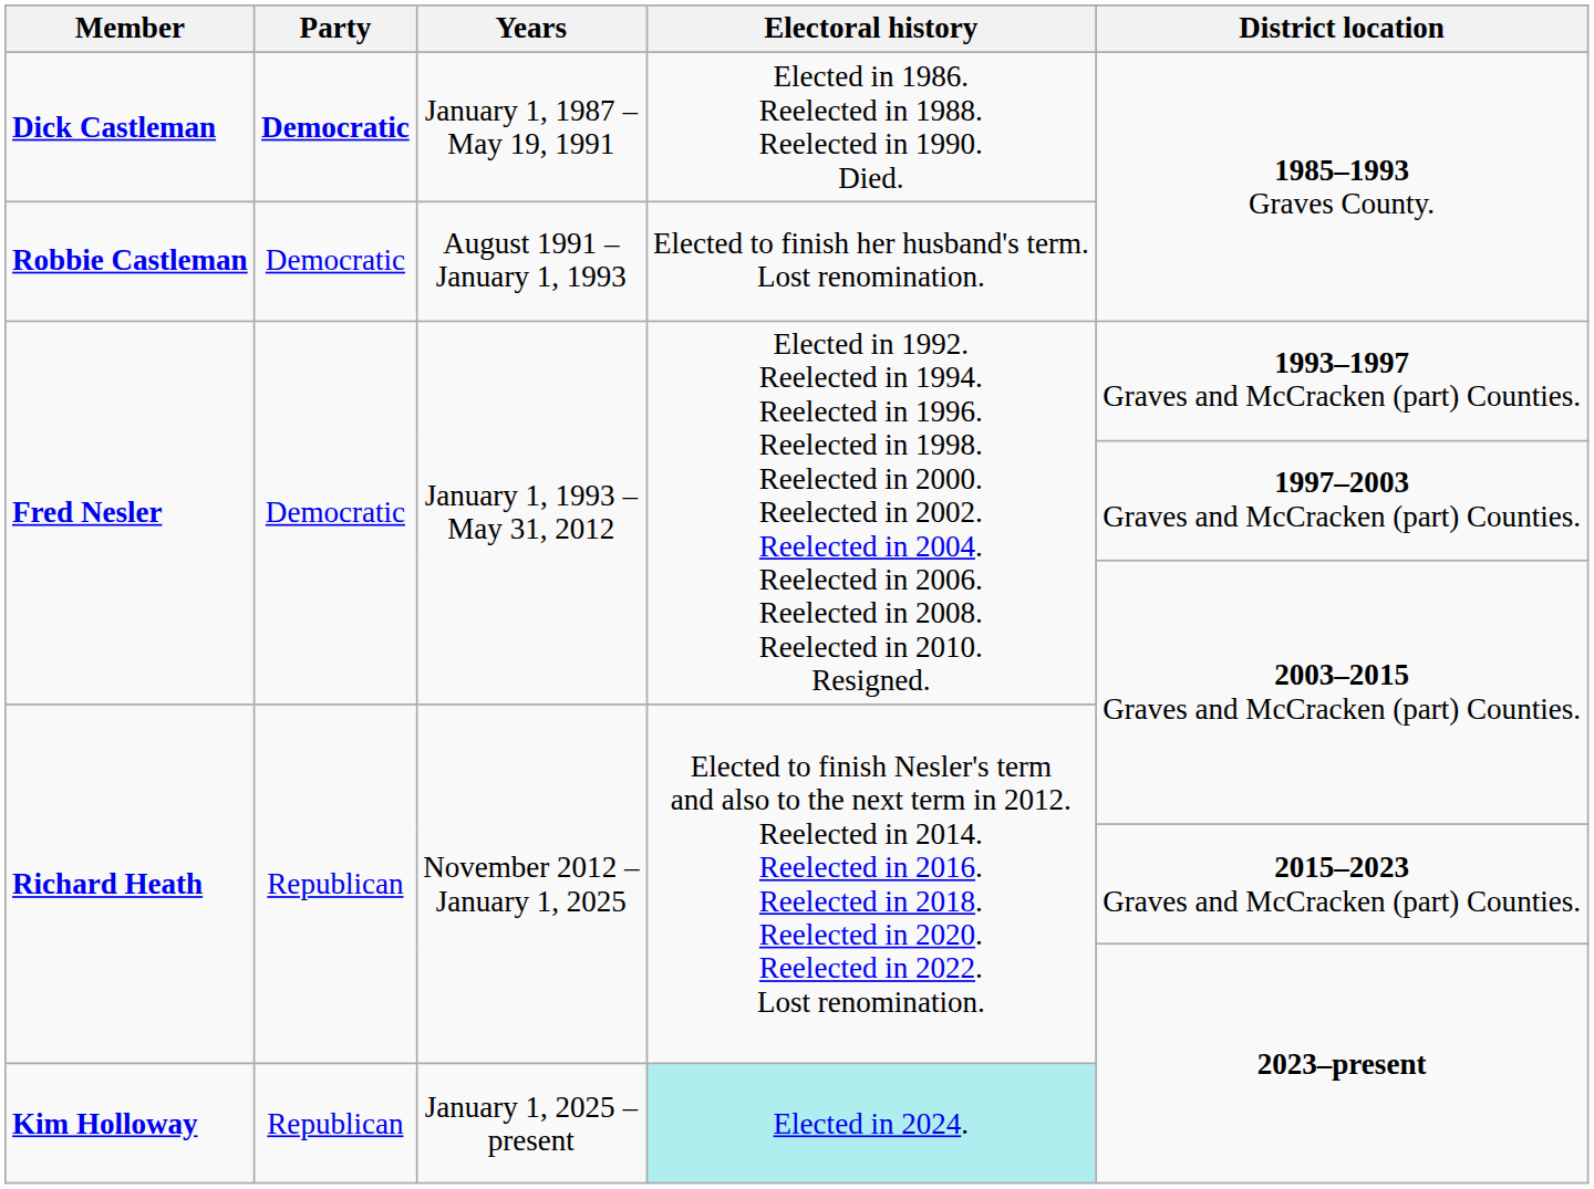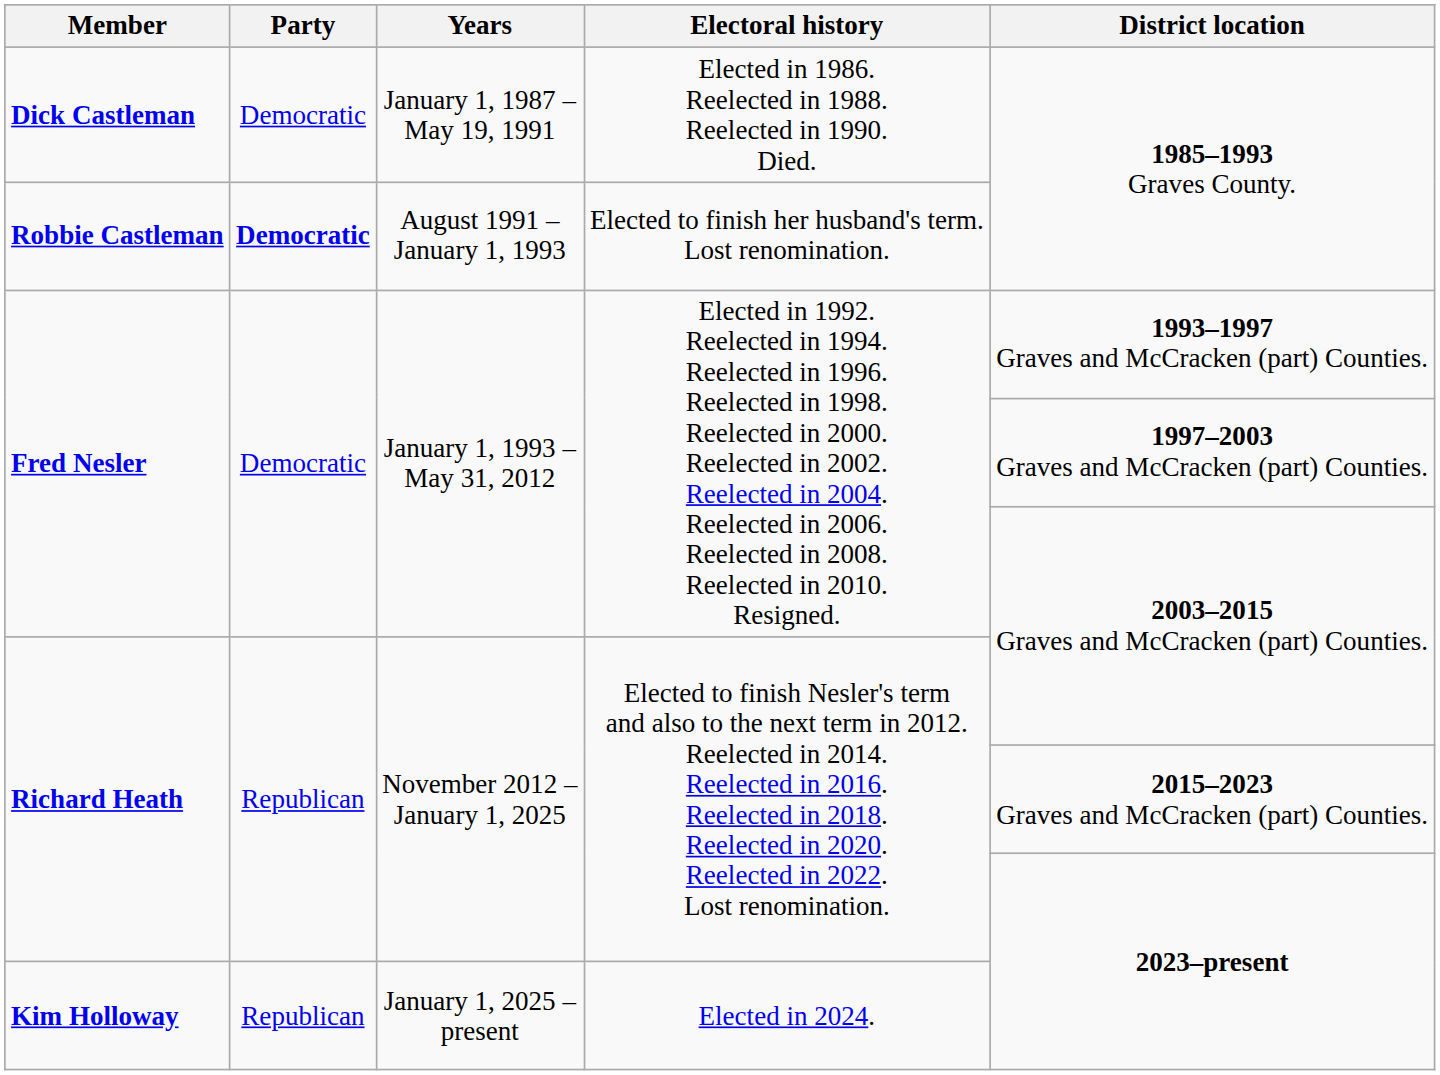 <table class=wikitable style="text-align:center">
 <tr>
 <th>Member</th>
 <th>Party</th>
 <th>Years</th>
 <th>Electoral history</th>
 <th>District location</th>
 </tr>
 <tr style="height:4em">
 <td align=left><strong><a href='#'>Dick Castleman</a></strong><br></td>
-<td><strong><a href='#'>Democratic</a></strong></td>
+<td><a href='#'>Democratic</a></td>
 <td nowrap>January 1, 1987 –<br>May 19, 1991</td>
 <td>Elected in 1986.<br>Reelected in 1988.<br>Reelected in 1990.<br>Died.</td>
 <td rowspan=2><strong>1985–1993</strong><br>Graves County.</td>
 </tr>
 <tr style="height:4em">
 <td align=left><strong><a href='#'>Robbie Castleman</a></strong><br></td>
-<td><a href='#'>Democratic</a></td>
+<td><strong><a href='#'>Democratic</a></strong></td>
 <td nowrap>August 1991 –<br>January 1, 1993</td>
 <td>Elected to finish her husband's term.<br>Lost renomination.</td>
 </tr>
 <tr style="height:4em">
 <td rowspan=3 align=left><strong><a href='#'>Fred Nesler</a></strong><br></td>
 <td rowspan=3 ><a href='#'>Democratic</a></td>
 <td rowspan=3 nowrap>January 1, 1993 –<br>May 31, 2012</td>
 <td rowspan=3>Elected in 1992.<br>Reelected in 1994.<br>Reelected in 1996.<br>Reelected in 1998.<br>Reelected in 2000.<br>Reelected in 2002.<br><a href='#'>Reelected in 2004</a>.<br>Reelected in 2006.<br>Reelected in 2008.<br>Reelected in 2010.<br>Resigned.</td>
 <td><strong>1993–1997</strong><br>Graves and McCracken (part) Counties.</td>
 </tr>
 <tr style="height:4em">
 <td><strong>1997–2003</strong><br>Graves and McCracken (part) Counties.</td>
 </tr>
 <tr style="height:4em">
 <td rowspan=2><strong>2003–2015</strong><br>Graves and McCracken (part) Counties.</td>
 </tr>
 <tr style="height:4em">
 <td rowspan=3 align=left><strong><a href='#'>Richard Heath</a></strong><br></td>
 <td rowspan=3 ><a href='#'>Republican</a></td>
 <td rowspan=3 nowrap>November 2012 –<br>January 1, 2025</td>
 <td rowspan=3>Elected to finish Nesler's term<br>and also to the next term in 2012.<br>Reelected in 2014.<br><a href='#'>Reelected in 2016</a>.<br><a href='#'>Reelected in 2018</a>.<br><a href='#'>Reelected in 2020</a>.<br><a href='#'>Reelected in 2022</a>.<br>Lost renomination.</td>
 </tr>
 <tr style="height:4em">
 <td><strong>2015–2023</strong><br>Graves and McCracken (part) Counties.</td>
 </tr>
 <tr style="height:4em">
 <td rowspan=2><strong>2023–present</strong><br></td>
 </tr>
 <tr style="height:4em">
 <td align=left><strong><a href='#'>Kim Holloway</a></strong><br></td>
 <td><a href='#'>Republican</a></td>
 <td nowrap>January 1, 2025 –<br>present</td>
-<td style="background: paleturquoise;"><a href='#'>Elected in 2024</a>.</td>
+<td><a href='#'>Elected in 2024</a>.</td>
 </tr>
 </table>
